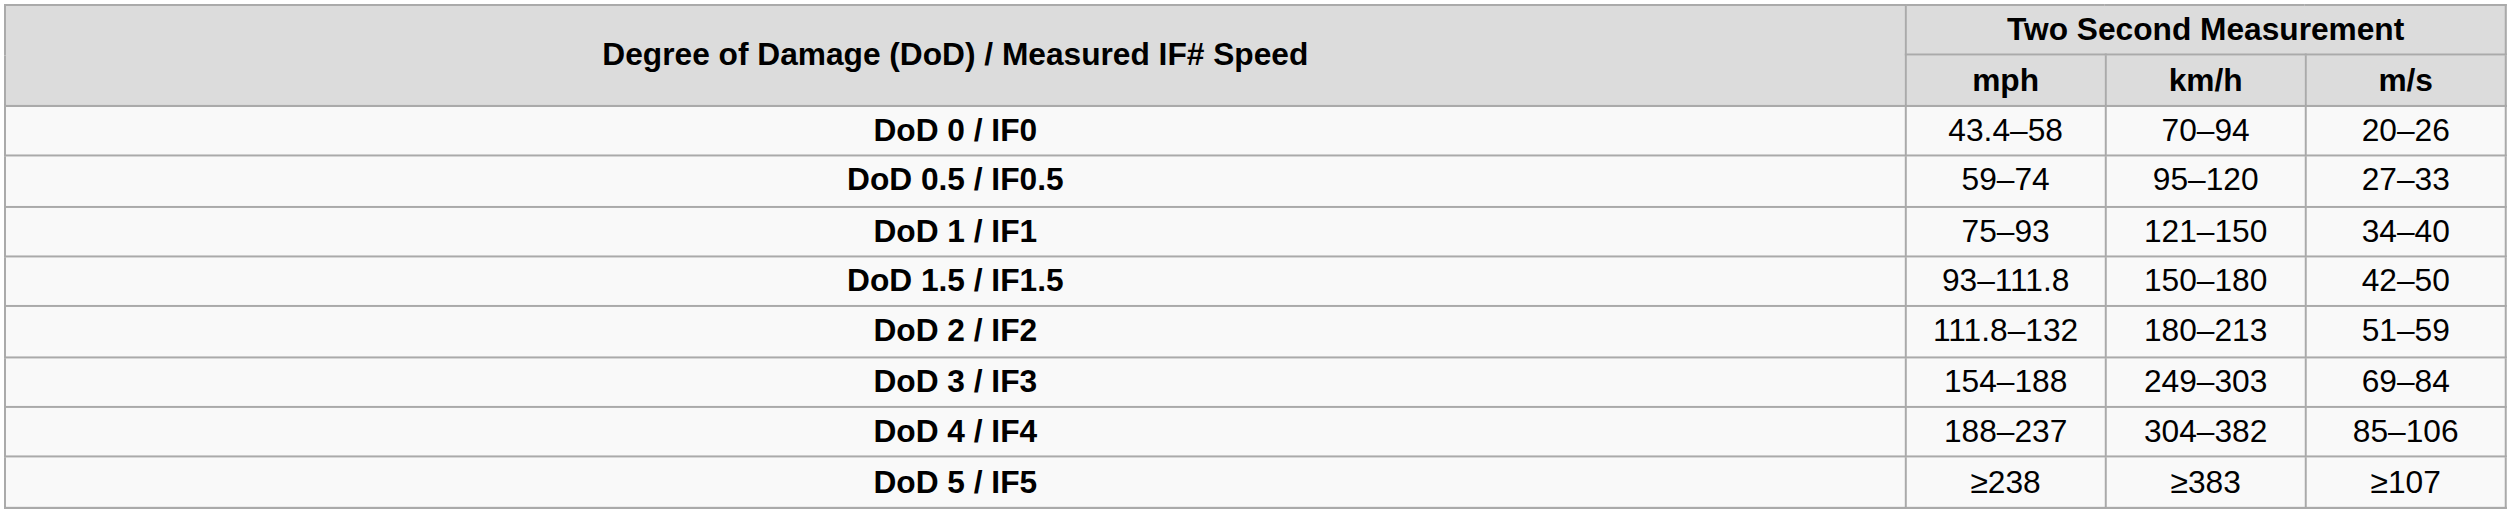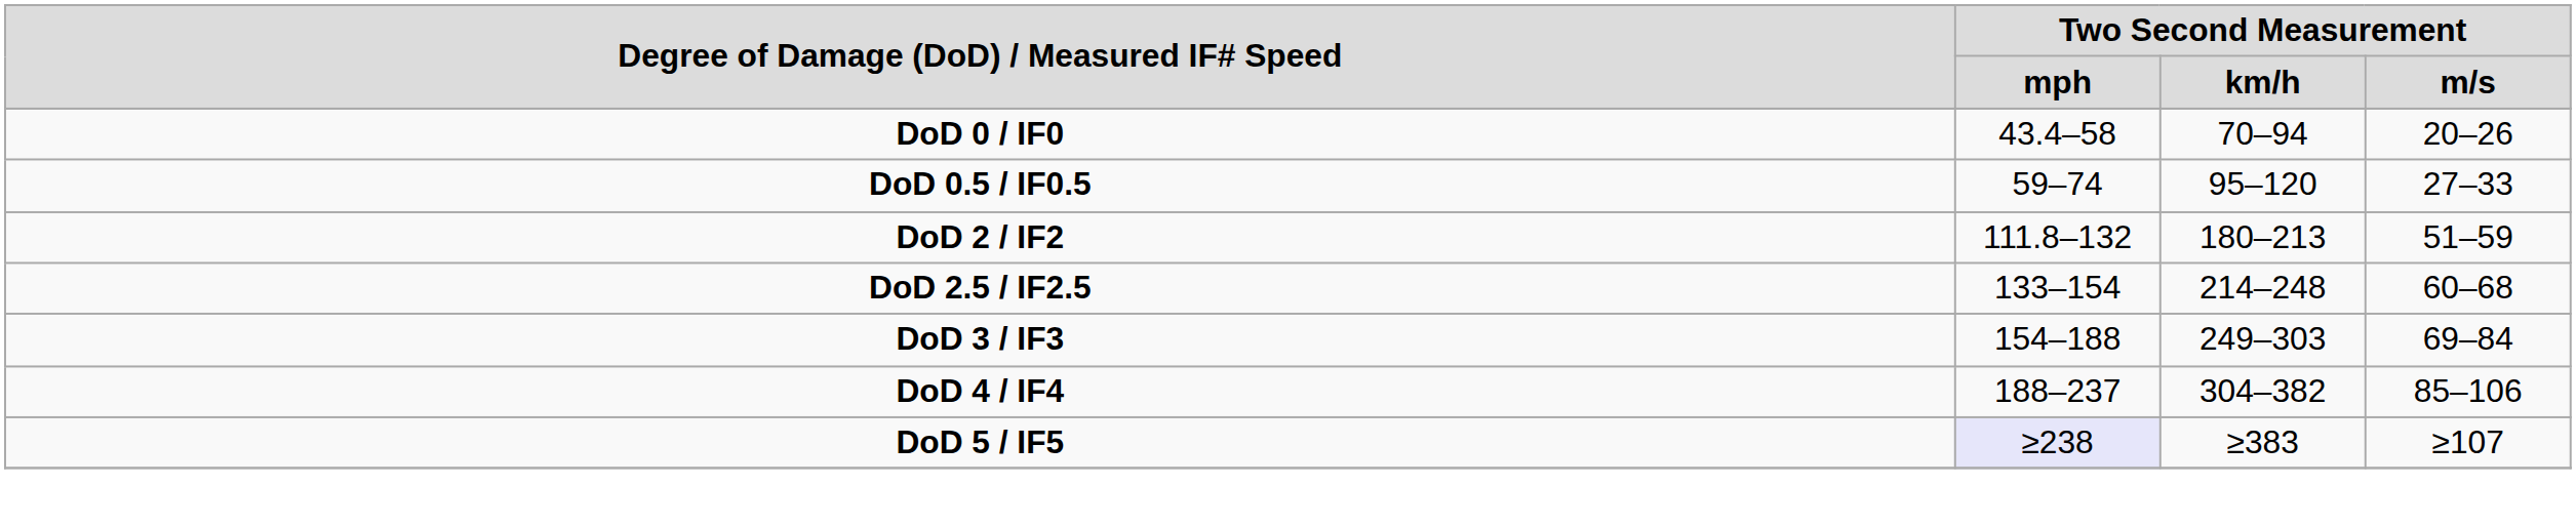 <table class="wikitable" width="100%">
 <tr style="text-align:center; background:gainsboro;">
 <td rowspan="2"><strong>Degree of Damage (DoD) / Measured IF# Speed</strong></td>
 <td colspan="3"><strong>Two Second Measurement</strong></td>
 </tr>
 <tr style="text-align:center; background:gainsboro;">
 <td><strong>mph</strong></td>
 <td><strong>km/h</strong></td>
 <td><strong>m/s</strong></td>
 </tr>
 <tr>
 </tr>
 <tr>
 <td align="center"><strong>DoD 0 / IF0</strong></td>
 <td style="text-align:center; width:8%;">43.4–58</td>
 <td style="text-align:center; width:8%;">70–94</td>
 <td style="text-align:center; width:8%;">20–26</td>
 </tr>
 <tr>
 <td align="center"><strong>DoD 0.5 / IF0.5</strong></td>
 <td style="text-align:center; width:8%;">59–74</td>
 <td style="text-align:center; width:8%;">95–120</td>
 <td style="text-align:center; width:8%;">27–33</td>
 </tr>
 <tr>
-<td align="center"><strong>DoD 1 / IF1</strong></td>
-<td style="text-align:center; width:8%;">75–93</td>
-<td style="text-align:center; width:8%;">121–150</td>
-<td style="text-align:center; width:8%;">34–40</td>
-</tr>
-<tr>
-<td align="center"><strong>DoD 1.5 / IF1.5</strong></td>
-<td style="text-align:center; width:8%;">93–111.8</td>
-<td style="text-align:center; width:8%;">150–180</td>
-<td style="text-align:center; width:8%;">42–50</td>
-</tr>
-<tr>
 <td align="center"><strong>DoD 2 / IF2</strong></td>
 <td style="text-align:center; width:8%;">111.8–132</td>
 <td style="text-align:center; width:8%;">180–213</td>
 <td style="text-align:center; width:8%;">51–59</td>
+</tr>
+<tr>
+<td align="center"><strong>DoD 2.5 / IF2.5</strong></td>
+<td style="text-align:center; width:8%;">133–154</td>
+<td style="text-align:center; width:8%;">214–248</td>
+<td style="text-align:center; width:8%;">60–68</td>
 </tr>
 <tr>
 <td align="center"><strong>DoD 3 / IF3</strong></td>
 <td style="text-align:center; width:8%;">154–188</td>
 <td style="text-align:center; width:8%;">249–303</td>
 <td style="text-align:center; width:8%;">69–84</td>
 </tr>
 <tr>
 <td align="center"><strong>DoD 4 / IF4</strong></td>
 <td style="text-align:center; width:8%;">188–237</td>
 <td style="text-align:center; width:8%;">304–382</td>
 <td style="text-align:center; width:8%;">85–106</td>
 </tr>
 <tr>
 <td align="center"><strong>DoD 5 / IF5</strong></td>
-<td style="text-align:center; width:8%;">≥238</td>
+<td style="background: lavender; text-align:center; width:8%;">≥238</td>
 <td style="text-align:center; width:8%;">≥383</td>
 <td style="text-align:center; width:8%;">≥107</td>
 </tr>
 <tr>
 </tr>
 </table>
